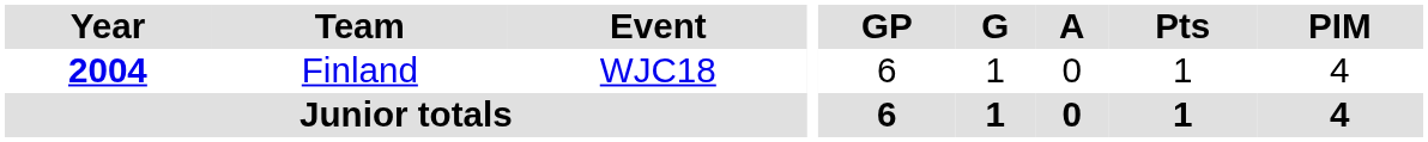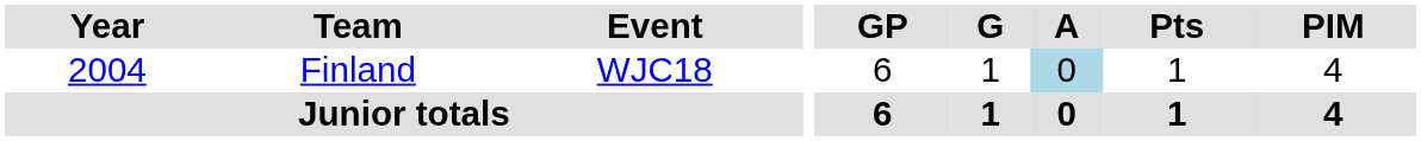 <table border="0" cellpadding="1" cellspacing="0" ID="Table3" style="text-align:center; width:40em">
 <tr ALIGN="center" bgcolor="#e0e0e0">
 <th>Year</th>
 <th>Team</th>
 <th>Event</th>
 <th rowspan="99" bgcolor="#ffffff"></th>
 <th>GP</th>
 <th>G</th>
 <th>A</th>
 <th>Pts</th>
 <th>PIM</th>
 </tr>
 <tr>
-<td><strong><a href='#'>2004</a></strong></td>
+<td><a href='#'>2004</a></td>
 <td><a href='#'>Finland</a></td>
 <td><a href='#'>WJC18</a></td>
 <td>6</td>
 <td>1</td>
-<td>0</td>
+<td style="background: lightblue;">0</td>
 <td>1</td>
 <td>4</td>
 </tr>
 <tr bgcolor="#e0e0e0">
 <th colspan="3">Junior totals</th>
 <th>6</th>
 <th>1</th>
 <th>0</th>
 <th>1</th>
 <th>4</th>
 </tr>
 </table>
